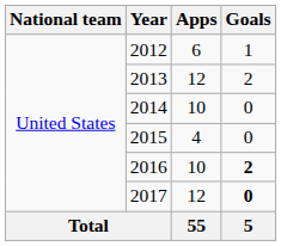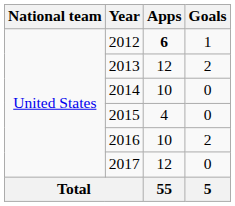 <table class="wikitable" style="text-align:center">
 <tr>
 <th>National team</th>
 <th>Year</th>
 <th>Apps</th>
 <th>Goals</th>
 </tr>
 <tr>
 <td rowspan="6"><a href='#'>United States</a></td>
 <td>2012</td>
-<td>6</td>
+<td><strong>6</strong></td>
 <td>1</td>
 </tr>
 <tr>
 <td>2013</td>
 <td>12</td>
 <td>2</td>
 </tr>
 <tr>
 <td>2014</td>
 <td>10</td>
 <td>0</td>
 </tr>
 <tr>
 <td>2015</td>
 <td>4</td>
 <td>0</td>
 </tr>
 <tr>
 <td>2016</td>
 <td>10</td>
-<td><strong>2</strong></td>
+<td>2</td>
 </tr>
 <tr>
 <td>2017</td>
 <td>12</td>
-<td><strong>0</strong></td>
+<td>0</td>
 </tr>
 <tr>
 <th colspan="2">Total</th>
 <th>55</th>
 <th>5</th>
 </tr>
 </table>
